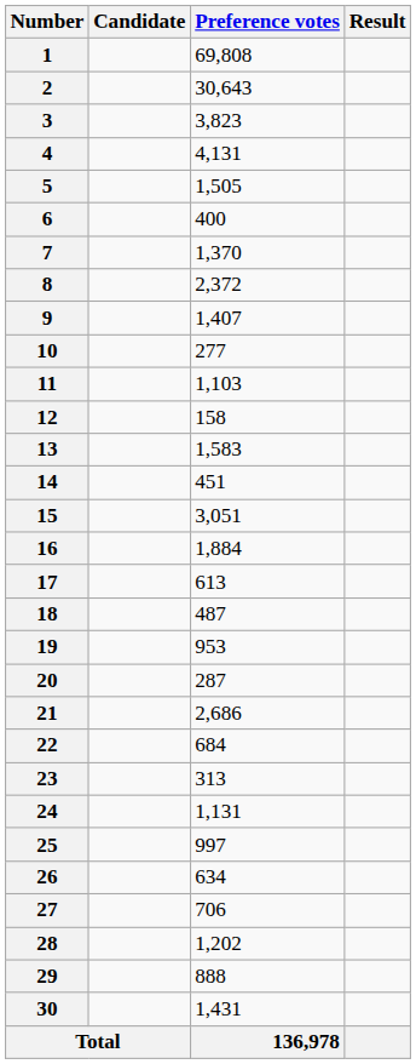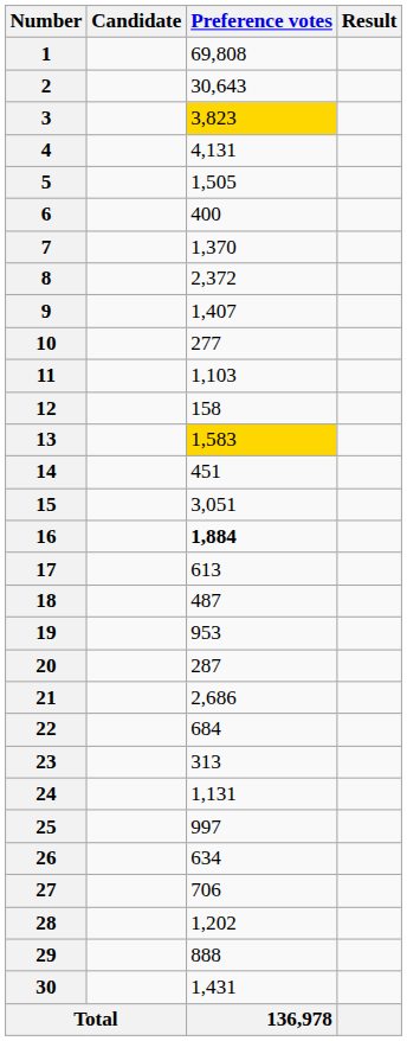 <table class="wikitable sortable" >
 <tr>
 <th scope="col">Number</th>
 <th scope="col">Candidate</th>
 <th scope="col"><a href='#'>Preference votes</a></th>
 <th scope="col">Result</th>
 </tr>
 <tr>
 <th scope="row">1</th>
 <td style="text-align:left"></td>
 <td>69,808</td>
 <td></td>
 </tr>
 <tr>
 <th scope="row">2</th>
 <td style="text-align:left"></td>
 <td>30,643</td>
 <td></td>
 </tr>
 <tr>
 <th scope="row">3</th>
 <td style="text-align:left"></td>
-<td>3,823</td>
+<td style="background: gold;">3,823</td>
 <td></td>
 </tr>
 <tr>
 <th scope="row">4</th>
 <td style="text-align:left"></td>
 <td>4,131</td>
 <td></td>
 </tr>
 <tr>
 <th scope="row">5</th>
 <td style="text-align:left"></td>
 <td>1,505</td>
 <td></td>
 </tr>
 <tr>
 <th scope="row">6</th>
 <td style="text-align:left"></td>
 <td>400</td>
 <td></td>
 </tr>
 <tr>
 <th scope="row">7</th>
 <td style="text-align:left"></td>
 <td>1,370</td>
 <td></td>
 </tr>
 <tr>
 <th scope="row">8</th>
 <td style="text-align:left"></td>
 <td>2,372</td>
 <td></td>
 </tr>
 <tr>
 <th scope="row">9</th>
 <td style="text-align:left"></td>
 <td>1,407</td>
 <td></td>
 </tr>
 <tr>
 <th scope="row">10</th>
 <td style="text-align:left"></td>
 <td>277</td>
 <td></td>
 </tr>
 <tr>
 <th scope="row">11</th>
 <td style="text-align:left"></td>
 <td>1,103</td>
 <td></td>
 </tr>
 <tr>
 <th scope="row">12</th>
 <td style="text-align:left"></td>
 <td>158</td>
 <td></td>
 </tr>
 <tr>
 <th scope="row">13</th>
 <td style="text-align:left"></td>
-<td>1,583</td>
+<td style="background: gold;">1,583</td>
 <td></td>
 </tr>
 <tr>
 <th scope="row">14</th>
 <td style="text-align:left"></td>
 <td>451</td>
 <td></td>
 </tr>
 <tr>
 <th scope="row">15</th>
 <td style="text-align:left"></td>
 <td>3,051</td>
 <td></td>
 </tr>
 <tr>
 <th scope="row">16</th>
 <td style="text-align:left"></td>
-<td>1,884</td>
+<td><strong>1,884</strong></td>
 <td></td>
 </tr>
 <tr>
 <th scope="row">17</th>
 <td style="text-align:left"></td>
 <td>613</td>
 <td></td>
 </tr>
 <tr>
 <th scope="row">18</th>
 <td style="text-align:left"></td>
 <td>487</td>
 <td></td>
 </tr>
 <tr>
 <th scope="row">19</th>
 <td style="text-align:left"></td>
 <td>953</td>
 <td></td>
 </tr>
 <tr>
 <th scope="row">20</th>
 <td style="text-align:left"></td>
 <td>287</td>
 <td></td>
 </tr>
 <tr>
 <th scope="row">21</th>
 <td style="text-align:left"></td>
 <td>2,686</td>
 <td></td>
 </tr>
 <tr>
 <th scope="row">22</th>
 <td style="text-align:left"></td>
 <td>684</td>
 <td></td>
 </tr>
 <tr>
 <th scope="row">23</th>
 <td style="text-align:left"></td>
 <td>313</td>
 <td></td>
 </tr>
 <tr>
 <th scope="row">24</th>
 <td style="text-align:left"></td>
 <td>1,131</td>
 <td></td>
 </tr>
 <tr>
 <th scope="row">25</th>
 <td style="text-align:left"></td>
 <td>997</td>
 <td></td>
 </tr>
 <tr>
 <th scope="row">26</th>
 <td style="text-align:left"></td>
 <td>634</td>
 <td></td>
 </tr>
 <tr>
 <th scope="row">27</th>
 <td style="text-align:left"></td>
 <td>706</td>
 <td></td>
 </tr>
 <tr>
 <th scope="row">28</th>
 <td style="text-align:left"></td>
 <td>1,202</td>
 <td></td>
 </tr>
 <tr>
 <th scope="row">29</th>
 <td style="text-align:left"></td>
 <td>888</td>
 <td></td>
 </tr>
 <tr>
 <th scope="row">30</th>
 <td style="text-align:left"></td>
 <td>1,431</td>
 </tr>
 <tr class="sortbottom">
 <th scope="row"  colspan="2">Total</th>
 <th style="text-align:right">136,978</th>
 <th></th>
 </tr>
 </table>
